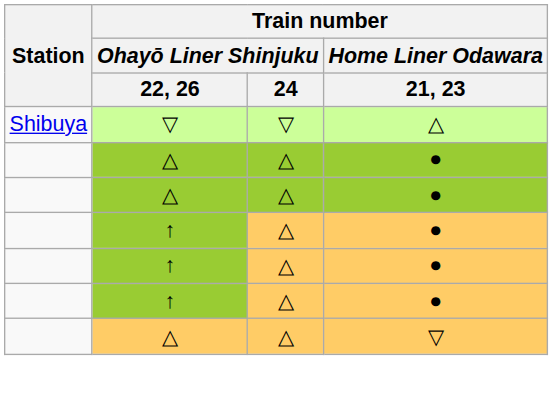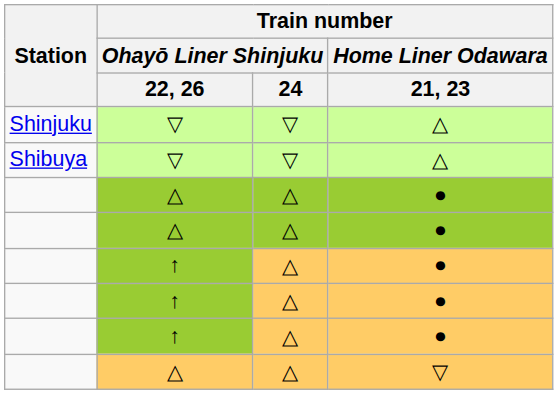 <table class="wikitable">
 <tr>
 <th rowspan="3">Station</th>
 <th colspan="3">Train number</th>
 </tr>
 <tr>
 <th colspan="2"><em>Ohayō Liner Shinjuku</em></th>
 <th><em>Home Liner Odawara</em></th>
 </tr>
 <tr>
 <th>22, 26</th>
 <th>24</th>
 <th>21, 23</th>
+</tr>
+<tr>
+<td><a href='#'>Shinjuku</a></td>
+<td style="background:#cf9; text-align:center">▽</td>
+<td style="background:#cf9; text-align:center">▽</td>
+<td style="background:#cf9; text-align:center">△</td>
 </tr>
 <tr>
 <td><a href='#'>Shibuya</a></td>
 <td style="background:#cf9; text-align:center">▽</td>
 <td style="background:#cf9; text-align:center">▽</td>
 <td style="background:#cf9; text-align:center">△</td>
 </tr>
 <tr>
 <td></td>
 <td style="background:#9c3; text-align:center">△</td>
 <td style="background:#9c3; text-align:center">△</td>
 <td style="background:#9c3; text-align:center">●</td>
 </tr>
 <tr>
 <td></td>
 <td style="background:#9c3; text-align:center">△</td>
 <td style="background:#9c3; text-align:center">△</td>
 <td style="background:#9c3; text-align:center">●</td>
 </tr>
 <tr>
 <td></td>
 <td style="background:#9c3; text-align:center">↑</td>
 <td style="background:#fc6; text-align:center">△</td>
 <td style="background:#fc6; text-align:center">●</td>
 </tr>
 <tr>
 <td></td>
 <td style="background:#9c3; text-align:center">↑</td>
 <td style="background:#fc6; text-align:center">△</td>
 <td style="background:#fc6; text-align:center">●</td>
 </tr>
 <tr>
 <td></td>
 <td style="background:#9c3; text-align:center">↑</td>
 <td style="background:#fc6; text-align:center">△</td>
 <td style="background:#fc6; text-align:center">●</td>
 </tr>
 <tr>
 <td></td>
 <td style="background:#fc6; text-align:center">△</td>
 <td style="background:#fc6; text-align:center">△</td>
 <td style="background:#fc6; text-align:center">▽</td>
 </tr>
 </table>
